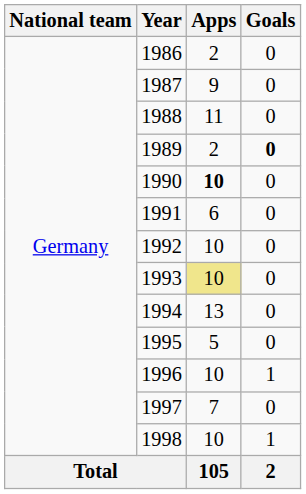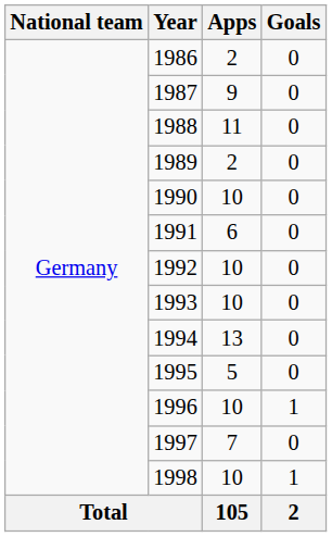 <table class="wikitable" style="text-align:center">
 <tr>
 <th>National team</th>
 <th>Year</th>
 <th>Apps</th>
 <th>Goals</th>
 </tr>
 <tr>
 <td rowspan="13"><a href='#'>Germany</a></td>
 <td>1986</td>
 <td>2</td>
 <td>0</td>
 </tr>
 <tr>
 <td>1987</td>
 <td>9</td>
 <td>0</td>
 </tr>
 <tr>
 <td>1988</td>
 <td>11</td>
 <td>0</td>
 </tr>
 <tr>
 <td>1989</td>
 <td>2</td>
-<td><strong>0</strong></td>
+<td>0</td>
 </tr>
 <tr>
 <td>1990</td>
-<td><strong>10</strong></td>
+<td>10</td>
 <td>0</td>
 </tr>
 <tr>
 <td>1991</td>
 <td>6</td>
 <td>0</td>
 </tr>
 <tr>
 <td>1992</td>
 <td>10</td>
 <td>0</td>
 </tr>
 <tr>
 <td>1993</td>
-<td style="background: khaki;">10</td>
+<td>10</td>
 <td>0</td>
 </tr>
 <tr>
 <td>1994</td>
 <td>13</td>
 <td>0</td>
 </tr>
 <tr>
 <td>1995</td>
 <td>5</td>
 <td>0</td>
 </tr>
 <tr>
 <td>1996</td>
 <td>10</td>
 <td>1</td>
 </tr>
 <tr>
 <td>1997</td>
 <td>7</td>
 <td>0</td>
 </tr>
 <tr>
 <td>1998</td>
 <td>10</td>
 <td>1</td>
 </tr>
 <tr>
 <th colspan="2">Total</th>
 <th>105</th>
 <th>2</th>
 </tr>
 </table>
